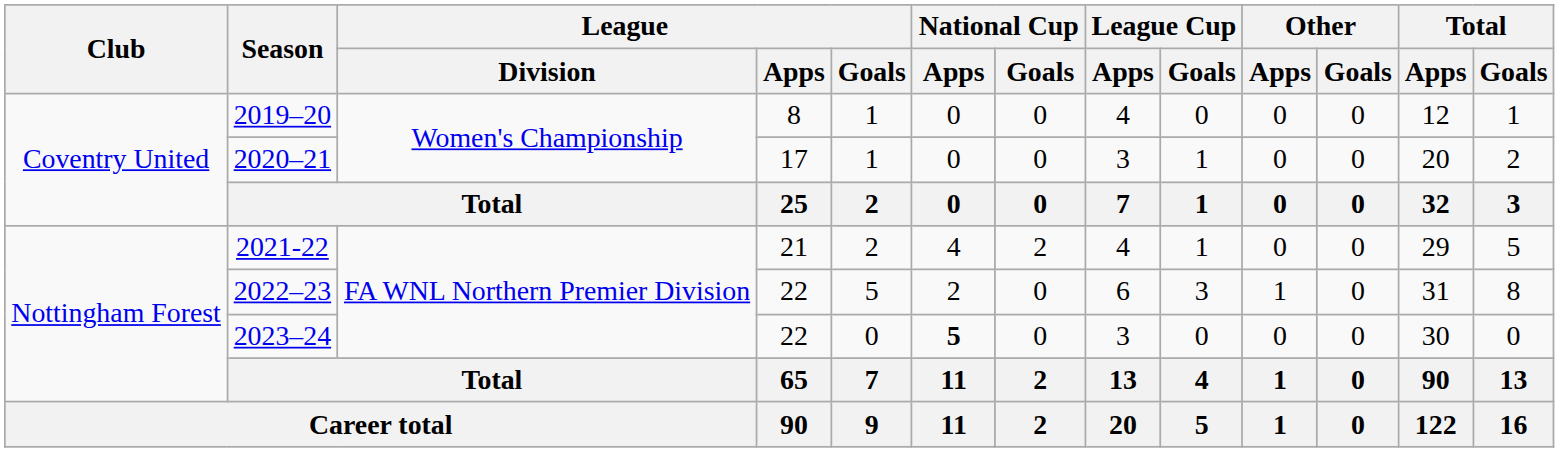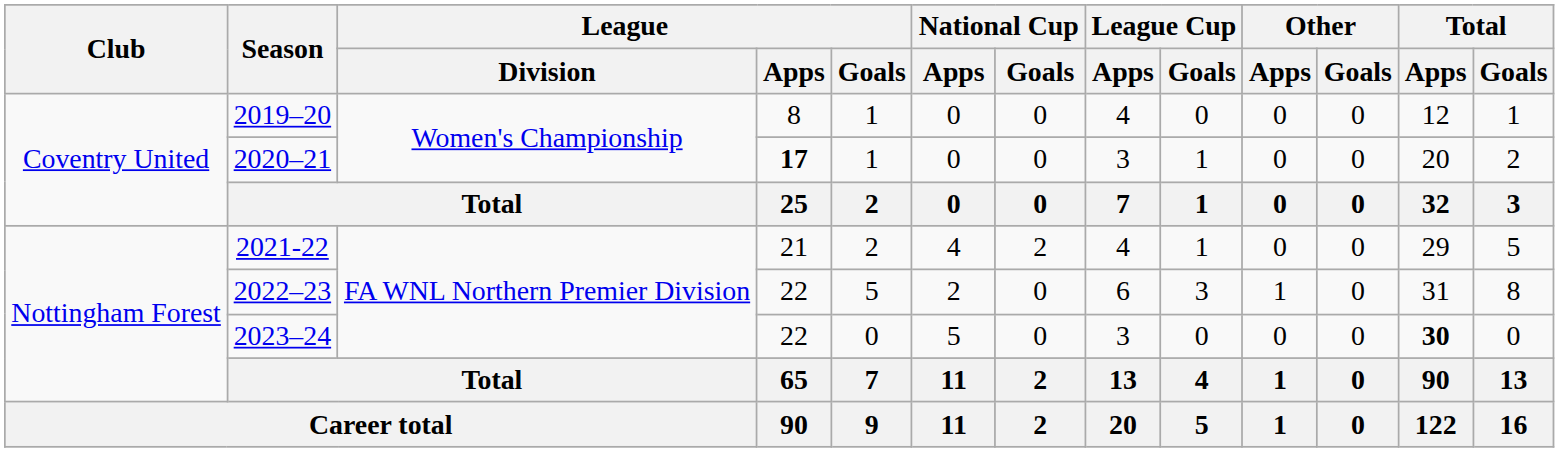 <table class="wikitable" style="text-align: center">
 <tr>
 <th rowspan="2">Club</th>
 <th rowspan="2">Season</th>
 <th colspan="3">League</th>
 <th colspan="2">National Cup</th>
 <th colspan="2">League Cup</th>
 <th colspan="2">Other</th>
 <th colspan="2">Total</th>
 </tr>
 <tr>
 <th>Division</th>
 <th>Apps</th>
 <th>Goals</th>
 <th>Apps</th>
 <th>Goals</th>
 <th>Apps</th>
 <th>Goals</th>
 <th>Apps</th>
 <th>Goals</th>
 <th>Apps</th>
 <th>Goals</th>
 </tr>
 <tr>
 <td rowspan="3"><a href='#'>Coventry United</a></td>
 <td><a href='#'>2019–20</a></td>
 <td rowspan="2"><a href='#'>Women's Championship</a></td>
 <td>8</td>
 <td>1</td>
 <td>0</td>
 <td>0</td>
 <td>4</td>
 <td>0</td>
 <td>0</td>
 <td>0</td>
 <td>12</td>
 <td>1</td>
 </tr>
 <tr>
 <td><a href='#'>2020–21</a></td>
-<td>17</td>
+<td><strong>17</strong></td>
 <td>1</td>
 <td>0</td>
 <td>0</td>
 <td>3</td>
 <td>1</td>
 <td>0</td>
 <td>0</td>
 <td>20</td>
 <td>2</td>
 </tr>
 <tr>
 <th colspan="2">Total</th>
 <th>25</th>
 <th>2</th>
 <th>0</th>
 <th>0</th>
 <th>7</th>
 <th>1</th>
 <th>0</th>
 <th>0</th>
 <th>32</th>
 <th>3</th>
 </tr>
 <tr>
 <td rowspan="4"><a href='#'>Nottingham Forest</a></td>
 <td><a href='#'>2021-22</a></td>
 <td rowspan="3"><a href='#'>FA WNL Northern Premier Division</a></td>
 <td>21</td>
 <td>2</td>
 <td>4</td>
 <td>2</td>
 <td>4</td>
 <td>1</td>
 <td>0</td>
 <td>0</td>
 <td>29</td>
 <td>5</td>
 </tr>
 <tr>
 <td><a href='#'>2022–23</a></td>
 <td>22</td>
 <td>5</td>
 <td>2</td>
 <td>0</td>
 <td>6</td>
 <td>3</td>
 <td>1</td>
 <td>0</td>
 <td>31</td>
 <td>8</td>
 </tr>
 <tr>
 <td><a href='#'>2023–24</a></td>
 <td>22</td>
 <td>0</td>
-<td><strong>5</strong></td>
+<td>5</td>
 <td>0</td>
 <td>3</td>
 <td>0</td>
 <td>0</td>
 <td>0</td>
-<td>30</td>
+<td><strong>30</strong></td>
 <td>0</td>
 </tr>
 <tr>
 <th colspan="2">Total</th>
 <th>65</th>
 <th>7</th>
 <th>11</th>
 <th>2</th>
 <th>13</th>
 <th>4</th>
 <th>1</th>
 <th>0</th>
 <th>90</th>
 <th>13</th>
 </tr>
 <tr>
 <th colspan="3"><strong>Career total</strong></th>
 <th>90</th>
 <th>9</th>
 <th>11</th>
 <th>2</th>
 <th>20</th>
 <th>5</th>
 <th>1</th>
 <th>0</th>
 <th>122</th>
 <th>16</th>
 </tr>
 </table>
